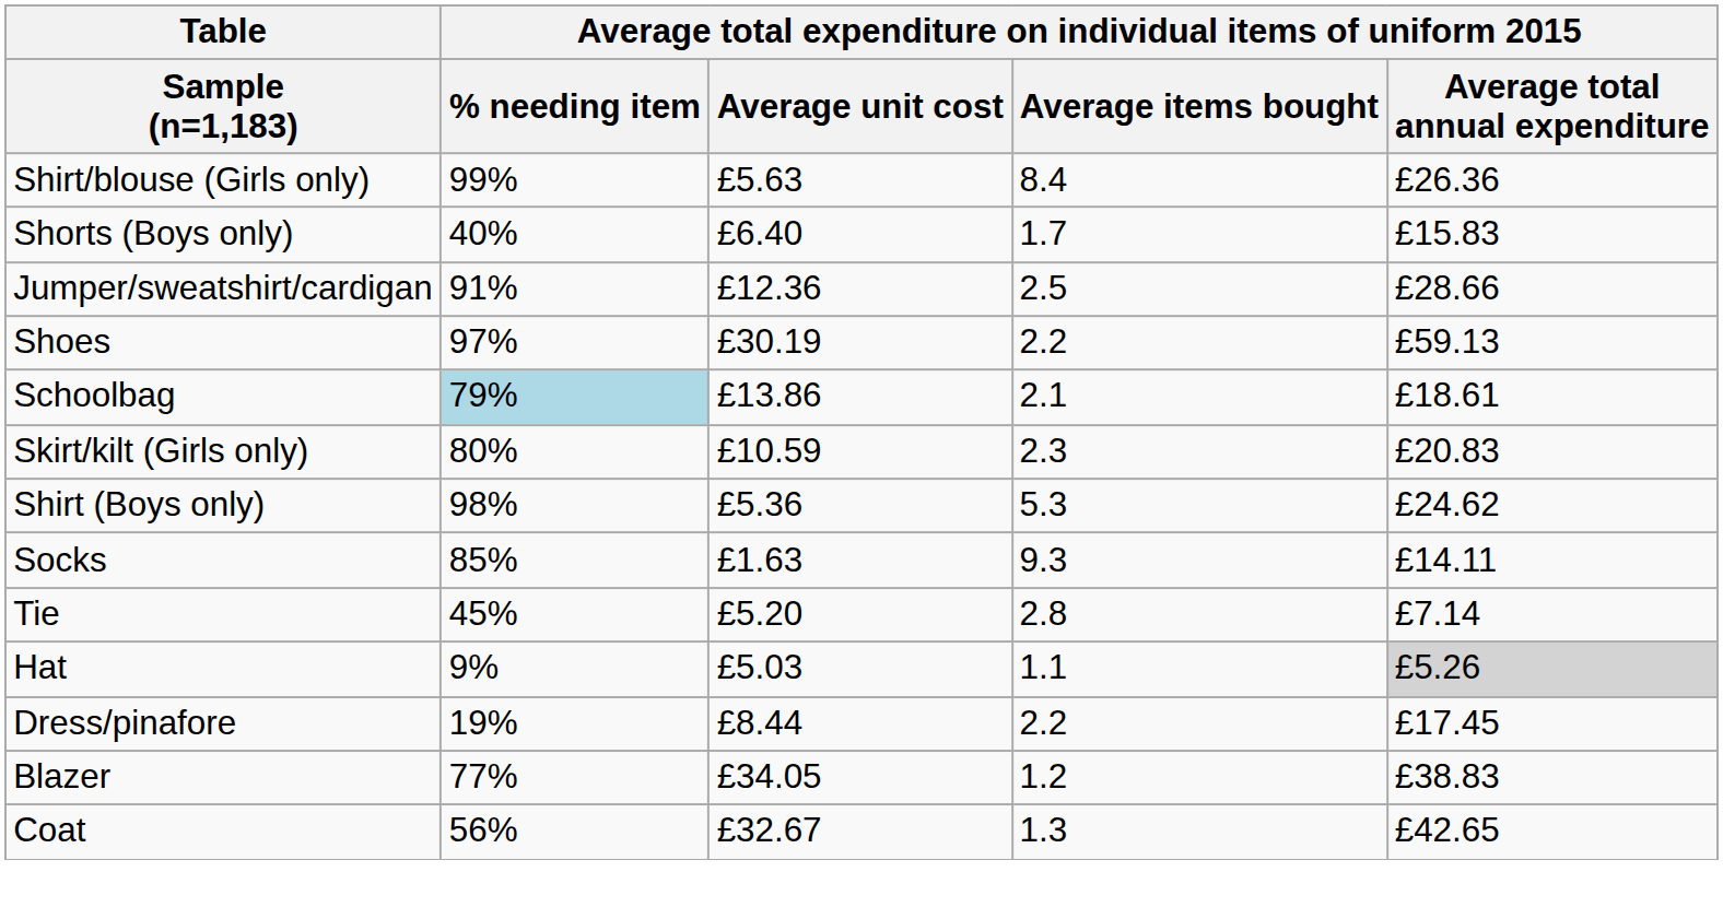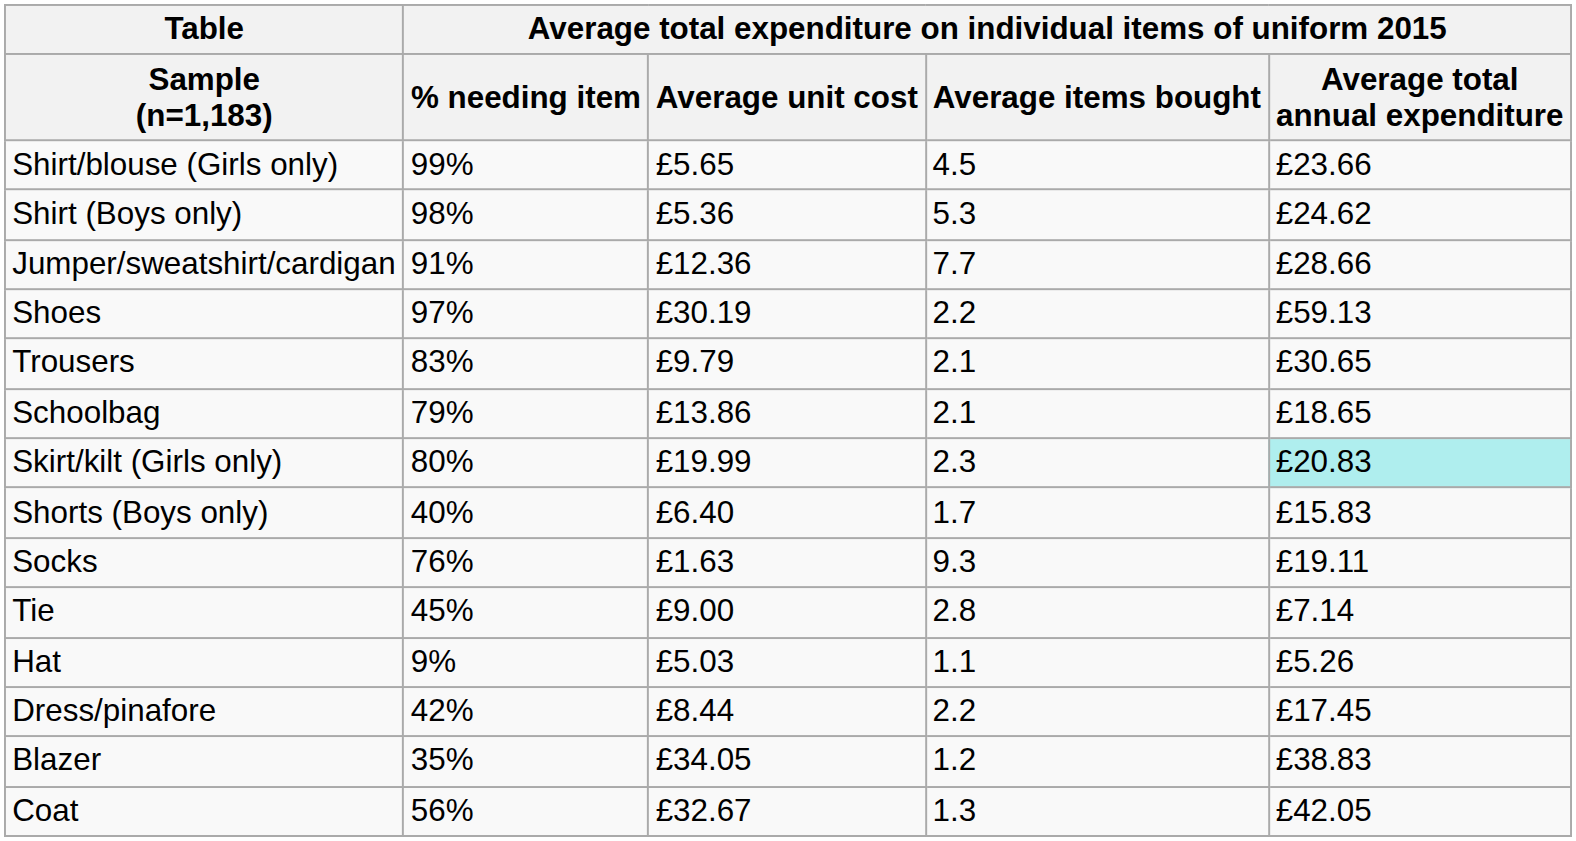 <table class="wikitable" style = "width:50em">
 <tr>
 <th>Table</th>
 <th colspan="4">Average total expenditure on individual items of uniform 2015</th>
 </tr>
 <tr>
 <th>Sample<br>(n=1,183)</th>
 <th>% needing item</th>
 <th>Average unit cost</th>
 <th>Average items bought</th>
 <th>Average total<br>annual expenditure</th>
 </tr>
 <tr>
 <td>Shirt/blouse (Girls only)</td>
 <td>99%</td>
-<td>£5.63</td>
-<td>8.4</td>
-<td>£26.36</td>
+<td>£5.65</td>
+<td>4.5</td>
+<td>£23.66</td>
 </tr>
 <tr>
-<td>Shorts (Boys only)</td>
-<td>40%</td>
-<td>£6.40</td>
-<td>1.7</td>
-<td>£15.83</td>
+<td>Shirt (Boys only)</td>
+<td>98%</td>
+<td>£5.36</td>
+<td>5.3</td>
+<td>£24.62</td>
 </tr>
 <tr>
 <td>Jumper/sweatshirt/cardigan</td>
 <td>91%</td>
 <td>£12.36</td>
-<td>2.5</td>
+<td>7.7</td>
 <td>£28.66</td>
 </tr>
 <tr>
 <td>Shoes</td>
 <td>97%</td>
 <td>£30.19</td>
 <td>2.2</td>
 <td>£59.13</td>
 </tr>
 <tr>
+<td>Trousers</td>
+<td>83%</td>
+<td>£9.79</td>
+<td>2.1</td>
+<td>£30.65</td>
+</tr>
+<tr>
 <td>Schoolbag</td>
-<td style="background: lightblue;">79%</td>
+<td>79%</td>
 <td>£13.86</td>
 <td>2.1</td>
-<td>£18.61</td>
+<td>£18.65</td>
 </tr>
 <tr>
 <td>Skirt/kilt (Girls only)</td>
 <td>80%</td>
-<td>£10.59</td>
+<td>£19.99</td>
 <td>2.3</td>
-<td>£20.83</td>
+<td style="background: paleturquoise;">£20.83</td>
 </tr>
 <tr>
-<td>Shirt (Boys only)</td>
-<td>98%</td>
-<td>£5.36</td>
-<td>5.3</td>
-<td>£24.62</td>
+<td>Shorts (Boys only)</td>
+<td>40%</td>
+<td>£6.40</td>
+<td>1.7</td>
+<td>£15.83</td>
 </tr>
 <tr>
 <td>Socks</td>
-<td>85%</td>
+<td>76%</td>
 <td>£1.63</td>
 <td>9.3</td>
-<td>£14.11</td>
+<td>£19.11</td>
 </tr>
 <tr>
 <td>Tie</td>
 <td>45%</td>
-<td>£5.20</td>
+<td>£9.00</td>
 <td>2.8</td>
 <td>£7.14</td>
 </tr>
 <tr>
 <td>Hat</td>
 <td>9%</td>
 <td>£5.03</td>
 <td>1.1</td>
-<td style="background: lightgrey;">£5.26</td>
+<td>£5.26</td>
 </tr>
 <tr>
 <td>Dress/pinafore</td>
-<td>19%</td>
+<td>42%</td>
 <td>£8.44</td>
 <td>2.2</td>
 <td>£17.45</td>
 </tr>
 <tr>
 <td>Blazer</td>
-<td>77%</td>
+<td>35%</td>
 <td>£34.05</td>
 <td>1.2</td>
 <td>£38.83</td>
 </tr>
 <tr>
 <td>Coat</td>
 <td>56%</td>
 <td>£32.67</td>
 <td>1.3</td>
-<td>£42.65</td>
+<td>£42.05</td>
 </tr>
 <tr>
 </tr>
 </table>
